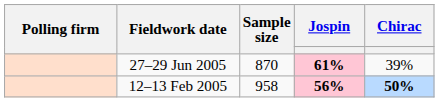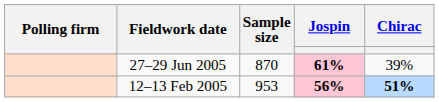 <table class="wikitable sortable" style="text-align:center;font-size:90%;line-height:14px;">
 <tr style="height:40px;">
 <th style="width:100px;" rowspan="2">Polling firm</th>
 <th style="width:110px;" rowspan="2">Fieldwork date</th>
 <th style="width:35px;" rowspan="2">Sample<br>size</th>
 <th class="unsortable" style="width:60px;"><a href='#'>Jospin</a><br></th>
 <th class="unsortable" style="width:60px;"><a href='#'>Chirac</a><br></th>
 </tr>
 <tr>
 <th style="background:"></th>
 <th style="background:"></th>
 </tr>
 <tr>
 <td style="background:#FFDFCC;"></td>
 <td data-sort-value="2005-06-29">27–29 Jun 2005</td>
 <td>870</td>
 <td style="background:#FFC6D5;"><strong>61%</strong></td>
 <td>39%</td>
 </tr>
 <tr>
 <td style="background:#FFDFCC;"></td>
 <td data-sort-value="2005-02-13">12–13 Feb 2005</td>
-<td>958</td>
+<td>953</td>
 <td style="background:#FFC6D5;"><strong>56%</strong></td>
-<td style="background:#B9DAFF;"><strong>50%</strong></td>
+<td style="background:#B9DAFF;"><strong>51%</strong></td>
 </tr>
 </table>
